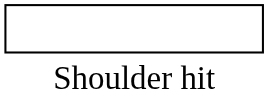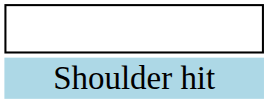 <table style="margin:1em;width: 130px; float:right;">
 <tr>
 <td style="border: solid thin; padding: 2px;"><br></td>
 </tr>
 <tr>
-<td style="text-align:center">Shoulder hit</td>
+<td style="background: lightblue; text-align:center">Shoulder hit</td>
 </tr>
 </table>
